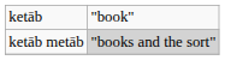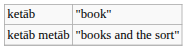 <table class=wikitable>
 <tr>
 <td>ketāb</td>
 <td>"book"</td>
 </tr>
 <tr>
 <td>ketāb metāb</td>
-<td style="background: lightgrey;">"books and the sort"</td>
+<td>"books and the sort"</td>
 </tr>
 <tr>
 </tr>
 </table>
